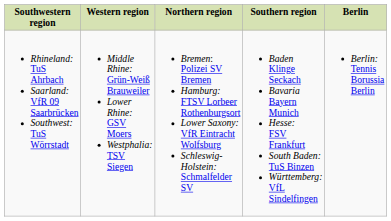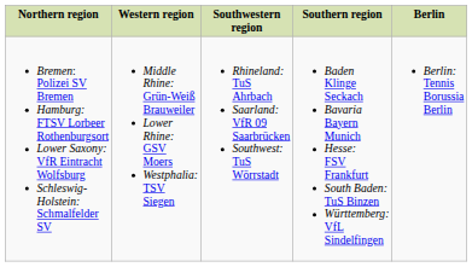 <table class="wikitable">
 <tr valign="top" style="background-color: #d6e2b3;">
+<td style="width: 20%; text-align:center;"><strong>Northern region</strong></td>
+<td style="width: 20%; text-align:center;"><strong>Western region</strong></td>
 <td style="width: 20%; text-align:center;"><strong>Southwestern region</strong></td>
-<td style="width: 20%; text-align:center;"><strong>Western region</strong></td>
-<td style="width: 20%; text-align:center;"><strong>Northern region</strong></td>
 <td style="width: 20%; text-align:center;"><strong>Southern region</strong></td>
 <td style="width: 20%; text-align:center;"><strong>Berlin</strong></td>
 </tr>
 <tr valign="top">
+<td><br><ul><li><em>Bremen</em>:<br><a href='#'>Polizei SV Bremen</a></li><li><em>Hamburg:</em><br><a href='#'>FTSV Lorbeer Rothenburgsort</a></li><li><em>Lower Saxony:</em><br><a href='#'>VfR Eintracht Wolfsburg</a></li><li><em>Schleswig-Holstein:</em><br><a href='#'>Schmalfelder SV</a></li></ul></td>
+<td><br><ul><li><em>Middle Rhine:</em><br><a href='#'>Grün-Weiß Brauweiler</a></li><li><em>Lower Rhine:</em><br><a href='#'>GSV Moers</a></li><li><em>Westphalia:</em><br><a href='#'>TSV Siegen</a></li></ul></td>
 <td><br><ul><li><em>Rhineland:</em><br><a href='#'>TuS Ahrbach</a></li><li><em>Saarland:</em> <br><a href='#'>VfR 09 Saarbrücken</a></li><li><em>Southwest:</em><br><a href='#'>TuS Wörrstadt</a></li></ul></td>
-<td><br><ul><li><em>Middle Rhine:</em><br><a href='#'>Grün-Weiß Brauweiler</a></li><li><em>Lower Rhine:</em><br><a href='#'>GSV Moers</a></li><li><em>Westphalia:</em><br><a href='#'>TSV Siegen</a></li></ul></td>
-<td><br><ul><li><em>Bremen</em>:<br><a href='#'>Polizei SV Bremen</a></li><li><em>Hamburg:</em><br><a href='#'>FTSV Lorbeer Rothenburgsort</a></li><li><em>Lower Saxony:</em><br><a href='#'>VfR Eintracht Wolfsburg</a></li><li><em>Schleswig-Holstein:</em><br><a href='#'>Schmalfelder SV</a></li></ul></td>
 <td><br><ul><li><em>Baden</em><br><a href='#'>Klinge Seckach</a></li><li><em>Bavaria</em><br><a href='#'>Bayern Munich</a></li><li><em>Hesse:</em><br><a href='#'>FSV Frankfurt</a></li><li><em>South Baden:</em><br><a href='#'>TuS Binzen</a></li><li><em>Württemberg:</em><br><a href='#'>VfL Sindelfingen</a></li></ul></td>
 <td><br><ul><li><em>Berlin:</em><br><a href='#'>Tennis Borussia Berlin</a></li></ul></td>
 </tr>
 </table>
